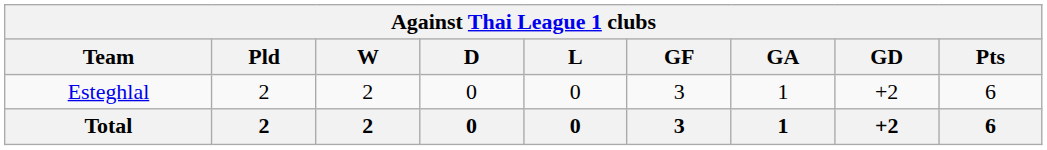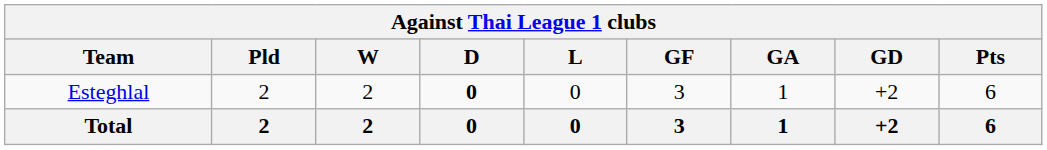 <table class="wikitable" width="60%" style="text-align:center">
 <tr>
 <th colspan="9">Against <a href='#'>Thai League 1</a> clubs</th>
 </tr>
 <tr>
 <th width="10%">Team</th>
 <th width="5%">Pld</th>
 <th width="5%">W</th>
 <th width="5%">D</th>
 <th width="5%">L</th>
 <th width="5%">GF</th>
 <th width="5%">GA</th>
 <th width="5%">GD</th>
 <th width="5%">Pts</th>
 </tr>
 <tr>
 <td><a href='#'>Esteghlal</a></td>
 <td>2</td>
 <td>2</td>
-<td>0</td>
+<td><strong>0</strong></td>
 <td>0</td>
 <td>3</td>
 <td>1</td>
 <td>+2</td>
 <td>6</td>
 </tr>
 <tr>
 <th>Total</th>
 <th>2</th>
 <th>2</th>
 <th>0</th>
 <th>0</th>
 <th>3</th>
 <th>1</th>
 <th>+2</th>
 <th>6</th>
 </tr>
 </table>
